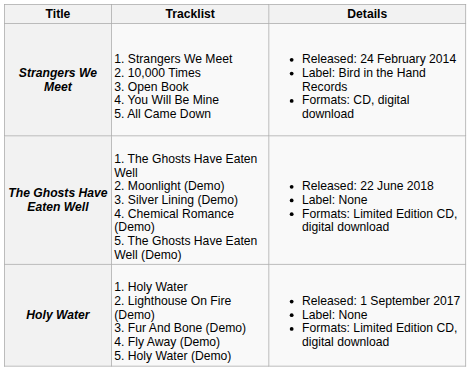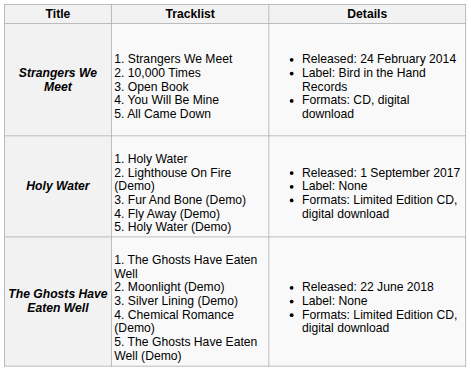 <table class="wikitable plainrowheaders" style="text-align:left;">
 <tr>
 <th scope="col" style="width:12em;">Title</th>
 <th scope="col" style="width:20em;">Tracklist</th>
 <th scope="col" style="width:24em;">Details</th>
 </tr>
 <tr>
 <th scope="row"><em>Strangers We Meet</em></th>
 <td><br>1. Strangers We Meet<br>	 2. 10,000 Times<br> 3. Open Book<br>	 4. You Will Be Mine<br> 5. All Came Down</td>
 <td><br><ul><li>Released: 24 February 2014</li><li>Label: Bird in the Hand Records</li><li>Formats: CD, digital download</li></ul></td>
 </tr>
 <tr>
+<th scope="row"><em>Holy Water</em></th>
+<td><br>1. Holy Water<br> 2. Lighthouse On Fire (Demo)<br> 3. Fur And Bone (Demo)<br> 4. Fly Away (Demo)<br> 5. Holy Water (Demo)</td>
+<td><br><ul><li>Released: 1 September 2017</li><li>Label: None</li><li>Formats: Limited Edition CD, digital download</li></ul></td>
+</tr>
+<tr>
 <th scope="row"><em>The Ghosts Have Eaten Well</em></th>
 <td><br>1. The Ghosts Have Eaten Well<br> 2. Moonlight (Demo)<br> 3. Silver Lining (Demo)<br> 4. Chemical Romance (Demo)<br> 5. The Ghosts Have Eaten Well (Demo)</td>
 <td><br><ul><li>Released: 22 June 2018</li><li>Label: None</li><li>Formats: Limited Edition CD, digital download</li></ul></td>
 </tr>
-<tr>
-<th scope="row"><em>Holy Water</em></th>
-<td><br>1. Holy Water<br> 2. Lighthouse On Fire (Demo)<br> 3. Fur And Bone (Demo)<br> 4. Fly Away (Demo)<br> 5. Holy Water (Demo)</td>
-<td><br><ul><li>Released: 1 September 2017</li><li>Label: None</li><li>Formats: Limited Edition CD, digital download</li></ul></td>
-</tr>
 </table>
